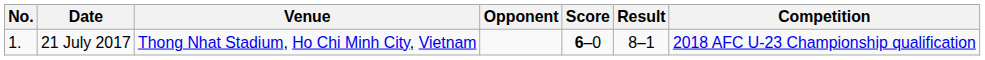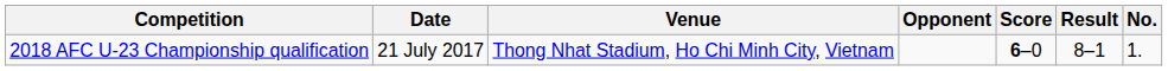 <table class="wikitable">
 <tr>
-<th>No.</th>
+<th>Competition</th>
 <th>Date</th>
 <th>Venue</th>
 <th>Opponent</th>
 <th>Score</th>
 <th>Result</th>
-<th>Competition</th>
+<th>No.</th>
 </tr>
 <tr>
-<td>1.</td>
+<td><a href='#'>2018 AFC U-23 Championship qualification</a></td>
 <td>21 July 2017</td>
 <td><a href='#'>Thong Nhat Stadium</a>, <a href='#'>Ho Chi Minh City</a>, <a href='#'>Vietnam</a></td>
 <td></td>
 <td align=center><strong>6</strong>–0</td>
 <td align=center>8–1</td>
-<td><a href='#'>2018 AFC U-23 Championship qualification</a></td>
+<td>1.</td>
 </tr>
 </table>
